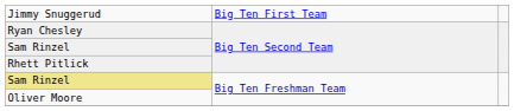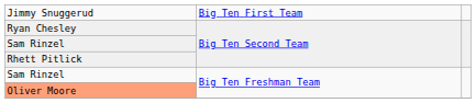 <table class="wikitable" width=40%>
 <tr>
 <td>Jimmy Snuggerud</td>
 <td rowspan=1><a href='#'>Big Ten First Team</a></td>
 <td rowspan=1></td>
 </tr>
 <tr bgcolor=f0f0f0>
 <td>Ryan Chesley</td>
 <td rowspan=3><a href='#'>Big Ten Second Team</a></td>
 <td rowspan=3></td>
 </tr>
 <tr bgcolor=f0f0f0>
 <td>Sam Rinzel</td>
 </tr>
 <tr bgcolor=f0f0f0>
 <td>Rhett Pitlick</td>
 </tr>
 <tr>
-<td style="background: khaki;">Sam Rinzel</td>
+<td>Sam Rinzel</td>
 <td rowspan=2><a href='#'>Big Ten Freshman Team</a></td>
 <td rowspan=2></td>
 </tr>
 <tr>
-<td>Oliver Moore</td>
+<td style="background: lightsalmon;">Oliver Moore</td>
 </tr>
 <tr>
 </tr>
 </table>
